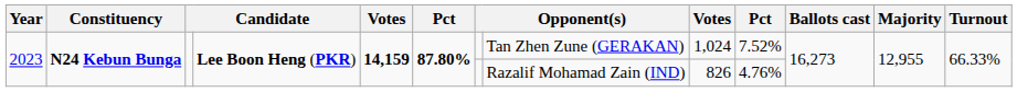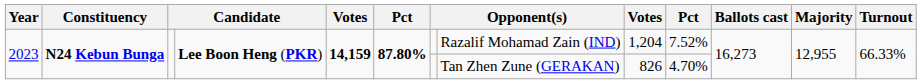 <table class="wikitable" style="margin:0.5em ; font-size:95%">
 <tr>
 <th>Year</th>
 <th>Constituency</th>
 <th colspan=2>Candidate</th>
 <th>Votes</th>
 <th>Pct</th>
 <th colspan=2>Opponent(s)</th>
 <th>Votes</th>
 <th>Pct</th>
 <th>Ballots cast</th>
 <th>Majority</th>
 <th>Turnout</th>
 </tr>
 <tr>
 <td rowspan="2"><a href='#'>2023</a></td>
 <td rowspan="2"><strong>N24 <a href='#'>Kebun Bunga</a></strong></td>
 <td rowspan="2" ></td>
 <td rowspan="2"><strong>Lee Boon Heng</strong> (<a href='#'><strong>PKR</strong></a>)</td>
 <td rowspan="2" align=right><strong>14,159</strong></td>
 <td rowspan="2"><strong>87.80%</strong></td>
 <td bgcolor=></td>
-<td>Tan Zhen Zune (<a href='#'>GERAKAN</a>)</td>
-<td align=right>1,024</td>
+<td>Razalif Mohamad Zain (<a href='#'>IND</a>)</td>
+<td align=right>1,204</td>
 <td>7.52%</td>
 <td rowspan="2">16,273</td>
 <td rowspan="2">12,955</td>
 <td rowspan="2">66.33%</td>
 </tr>
 <tr>
 <td></td>
-<td>Razalif Mohamad Zain (<a href='#'>IND</a>)</td>
+<td>Tan Zhen Zune (<a href='#'>GERAKAN</a>)</td>
 <td align=right>826</td>
-<td align=right>4.76%</td>
+<td align=right>4.70%</td>
 </tr>
 </table>
